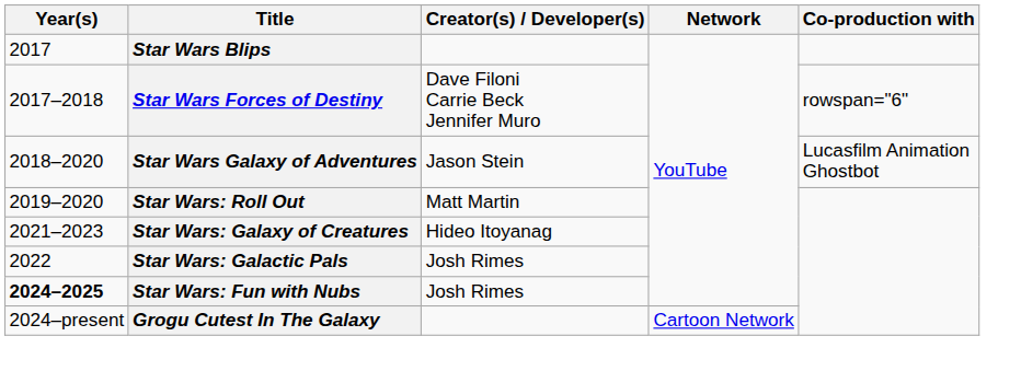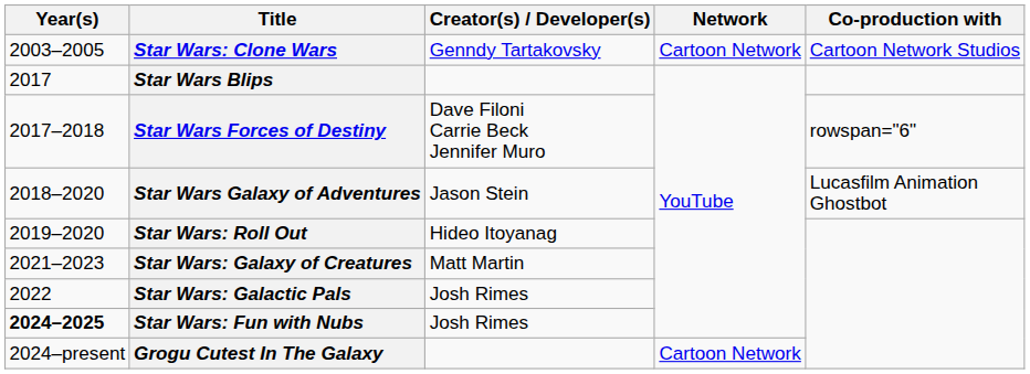 <table class="wikitable sortable">
 <tr>
 <th>Year(s)</th>
 <th>Title</th>
 <th>Creator(s) / Developer(s)</th>
 <th>Network</th>
 <th>Co-production with</th>
+</tr>
+<tr>
+<td style="text-align:left">2003–2005</td>
+<th scope="row" style="text-align:left"><em><a href='#'>Star Wars: Clone Wars</a></em></th>
+<td><a href='#'>Genndy Tartakovsky</a></td>
+<td><a href='#'>Cartoon Network</a></td>
+<td><a href='#'>Cartoon Network Studios</a></td>
 </tr>
 <tr>
 <td style="text-align:left">2017</td>
 <th scope="row" style="text-align:left"><em>Star Wars Blips</em></th>
 <td></td>
 <td rowspan="7"><a href='#'>YouTube</a></td>
 <td></td>
 </tr>
 <tr>
 <td style="text-align:left">2017–2018</td>
 <th scope="row" style="text-align:left"><em><a href='#'>Star Wars Forces of Destiny</a></em></th>
 <td>Dave Filoni<br>Carrie Beck<br>Jennifer Muro</td>
 <td>rowspan="6" </td>
 </tr>
 <tr>
 <td style="text-align:left">2018–2020</td>
 <th scope="row" style="text-align:left"><em>Star Wars Galaxy of Adventures</em></th>
 <td>Jason Stein</td>
 <td>Lucasfilm Animation<br>Ghostbot</td>
 </tr>
 <tr>
 <td style="text-align:left">2019–2020</td>
 <th scope="row" style="text-align:left"><em>Star Wars: Roll Out</em></th>
-<td>Matt Martin</td>
+<td>Hideo Itoyanag</td>
 </tr>
 <tr>
 <td style="text-align:left">2021–2023</td>
 <th scope="row" style="text-align:left"><em>Star Wars: Galaxy of Creatures</em></th>
-<td>Hideo Itoyanag</td>
+<td>Matt Martin</td>
 </tr>
 <tr>
 <td style="text-align:left">2022</td>
 <th scope="row" style="text-align:left"><em>Star Wars: Galactic Pals</em></th>
 <td>Josh Rimes</td>
 </tr>
 <tr>
 <td style="text-align:left"><strong>2024–2025</strong></td>
 <th scope="row" style="text-align:left"><em>Star Wars: Fun with Nubs</em></th>
 <td>Josh Rimes</td>
 </tr>
 <tr>
 <td>2024–present</td>
 <th style="text-align:left"><em>Grogu Cutest In The Galaxy</em></th>
 <td></td>
 <td><a href='#'>Cartoon Network</a></td>
 </tr>
 </table>
